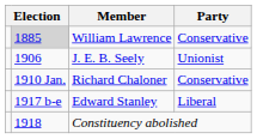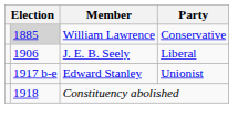 <table class="wikitable">
 <tr>
 <th colspan=2>Election</th>
 <th>Member</th>
 <th>Party</th>
 </tr>
 <tr>
 <td style="color:inherit;background-color: "></td>
 <td style="background: lightgrey;"><a href='#'>1885</a></td>
 <td><a href='#'>William Lawrence</a></td>
 <td><a href='#'>Conservative</a></td>
 </tr>
 <tr>
 <td style="color:inherit;background-color: "></td>
 <td><a href='#'>1906</a></td>
 <td><a href='#'>J. E. B. Seely</a></td>
-<td><a href='#'>Unionist</a></td>
-</tr>
-<tr>
-<td style="color:inherit;background-color: "></td>
-<td><a href='#'>1910 Jan.</a></td>
-<td><a href='#'>Richard Chaloner</a></td>
-<td><a href='#'>Conservative</a></td>
+<td><a href='#'>Liberal</a></td>
 </tr>
 <tr>
 <td style="color:inherit;background-color: "></td>
 <td><a href='#'>1917 b-e</a></td>
 <td><a href='#'>Edward Stanley</a></td>
-<td><a href='#'>Liberal</a></td>
+<td><a href='#'>Unionist</a></td>
 </tr>
 <tr>
 <td></td>
 <td><a href='#'>1918</a></td>
 <td colspan="2"><em>Constituency abolished</em></td>
 </tr>
 </table>
